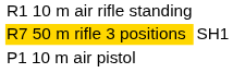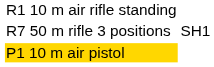 <table>
 <tr>
 <td nowrap>R1 10 m air rifle standing<br></td>
 <td rowspan=3>SH1</td>
 <td></td>
 <td></td>
 <td></td>
 </tr>
 <tr>
-<td style="background: gold;">R7 50 m rifle 3 positions<br></td>
+<td>R7 50 m rifle 3 positions<br></td>
 <td></td>
 <td></td>
 <td></td>
 </tr>
 <tr>
-<td>P1 10 m air pistol<br></td>
+<td style="background: gold;">P1 10 m air pistol<br></td>
 <td></td>
 <td></td>
 <td></td>
 </tr>
 </table>
